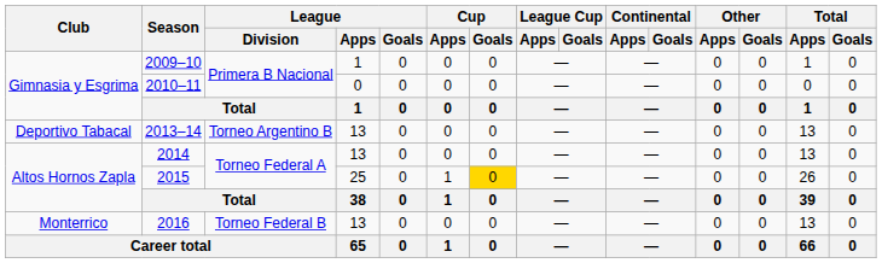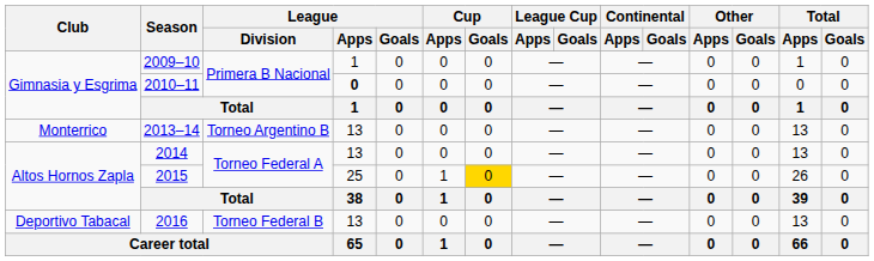 <table class="wikitable" style="text-align:center">
 <tr>
 <th rowspan="2">Club</th>
 <th rowspan="2">Season</th>
 <th colspan="3">League</th>
 <th colspan="2">Cup</th>
 <th colspan="2">League Cup</th>
 <th colspan="2">Continental</th>
 <th colspan="2">Other</th>
 <th colspan="2">Total</th>
 </tr>
 <tr>
 <th>Division</th>
 <th>Apps</th>
 <th>Goals</th>
 <th>Apps</th>
 <th>Goals</th>
 <th>Apps</th>
 <th>Goals</th>
 <th>Apps</th>
 <th>Goals</th>
 <th>Apps</th>
 <th>Goals</th>
 <th>Apps</th>
 <th>Goals</th>
 </tr>
 <tr>
 <td rowspan="3"><a href='#'>Gimnasia y Esgrima</a></td>
 <td><a href='#'>2009–10</a></td>
 <td rowspan="2"><a href='#'>Primera B Nacional</a></td>
 <td>1</td>
 <td>0</td>
 <td>0</td>
 <td>0</td>
 <td colspan="2">—</td>
 <td colspan="2">—</td>
 <td>0</td>
 <td>0</td>
 <td>1</td>
 <td>0</td>
 </tr>
 <tr>
 <td><a href='#'>2010–11</a></td>
-<td>0</td>
+<td><strong>0</strong></td>
 <td>0</td>
 <td>0</td>
 <td>0</td>
 <td colspan="2">—</td>
 <td colspan="2">—</td>
 <td>0</td>
 <td>0</td>
 <td>0</td>
 <td>0</td>
 </tr>
 <tr>
 <th colspan="2">Total</th>
 <th>1</th>
 <th>0</th>
 <th>0</th>
 <th>0</th>
 <th colspan="2">—</th>
 <th colspan="2">—</th>
 <th>0</th>
 <th>0</th>
 <th>1</th>
 <th>0</th>
 </tr>
 <tr>
-<td rowspan="1"><a href='#'>Deportivo Tabacal</a></td>
+<td rowspan="1"><a href='#'>Monterrico</a></td>
 <td><a href='#'>2013–14</a></td>
 <td rowspan="1"><a href='#'>Torneo Argentino B</a></td>
 <td>13</td>
 <td>0</td>
 <td>0</td>
 <td>0</td>
 <td colspan="2">—</td>
 <td colspan="2">—</td>
 <td>0</td>
 <td>0</td>
 <td>13</td>
 <td>0</td>
 </tr>
 <tr>
 <td rowspan="3"><a href='#'>Altos Hornos Zapla</a></td>
 <td><a href='#'>2014</a></td>
 <td rowspan="2"><a href='#'>Torneo Federal A</a></td>
 <td>13</td>
 <td>0</td>
 <td>0</td>
 <td>0</td>
 <td colspan="2">—</td>
 <td colspan="2">—</td>
 <td>0</td>
 <td>0</td>
 <td>13</td>
 <td>0</td>
 </tr>
 <tr>
 <td><a href='#'>2015</a></td>
 <td>25</td>
 <td>0</td>
 <td>1</td>
 <td style="background: gold;">0</td>
 <td colspan="2">—</td>
 <td colspan="2">—</td>
 <td>0</td>
 <td>0</td>
 <td>26</td>
 <td>0</td>
 </tr>
 <tr>
 <th colspan="2">Total</th>
 <th>38</th>
 <th>0</th>
 <th>1</th>
 <th>0</th>
 <th colspan="2">—</th>
 <th colspan="2">—</th>
 <th>0</th>
 <th>0</th>
 <th>39</th>
 <th>0</th>
 </tr>
 <tr>
-<td rowspan="1"><a href='#'>Monterrico</a></td>
+<td rowspan="1"><a href='#'>Deportivo Tabacal</a></td>
 <td><a href='#'>2016</a></td>
 <td rowspan="1"><a href='#'>Torneo Federal B</a></td>
 <td>13</td>
 <td>0</td>
 <td>0</td>
 <td>0</td>
 <td colspan="2">—</td>
 <td colspan="2">—</td>
 <td>0</td>
 <td>0</td>
 <td>13</td>
 <td>0</td>
 </tr>
 <tr>
 <th colspan="3">Career total</th>
 <th>65</th>
 <th>0</th>
 <th>1</th>
 <th>0</th>
 <th colspan="2">—</th>
 <th colspan="2">—</th>
 <th>0</th>
 <th>0</th>
 <th>66</th>
 <th>0</th>
 </tr>
 </table>
